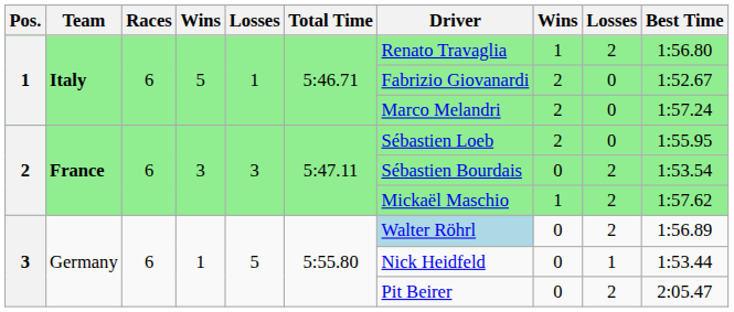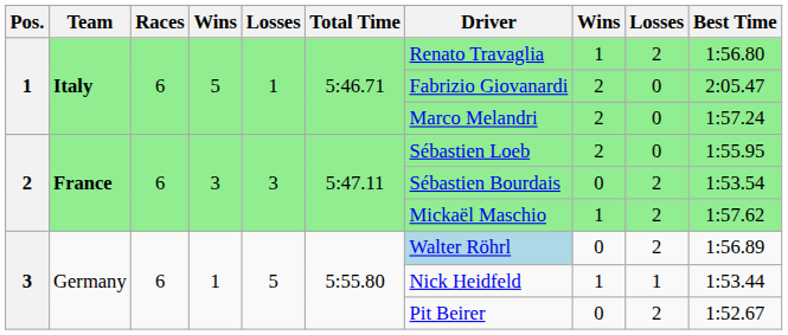 <table class="wikitable" style="font-size: 95%;">
 <tr>
 <th>Pos.</th>
 <th>Team</th>
 <th>Races</th>
 <th>Wins</th>
 <th>Losses</th>
 <th>Total Time</th>
 <th>Driver</th>
 <th>Wins</th>
 <th>Losses</th>
 <th>Best Time</th>
 </tr>
 <tr style="background:lightgreen;">
 <th rowspan=3>1</th>
 <td rowspan=3> <strong>Italy</strong></td>
 <td rowspan=3 align=center>6</td>
 <td rowspan=3 align=center>5</td>
 <td rowspan=3 align=center>1</td>
 <td rowspan=3 align=center>5:46.71</td>
 <td> <a href='#'>Renato Travaglia</a></td>
 <td align=center>1</td>
 <td align=center>2</td>
 <td align=center>1:56.80</td>
 </tr>
 <tr style="background:lightgreen;">
 <td> <a href='#'>Fabrizio Giovanardi</a></td>
 <td align=center>2</td>
 <td align=center>0</td>
-<td align=center>1:52.67</td>
+<td align=center>2:05.47</td>
 </tr>
 <tr style="background:lightgreen;">
 <td> <a href='#'>Marco Melandri</a></td>
 <td align=center>2</td>
 <td align=center>0</td>
 <td align=center>1:57.24</td>
 </tr>
 <tr style="background:lightgreen;">
 <th rowspan=3>2</th>
 <td rowspan=3>  <strong>France</strong></td>
 <td rowspan=3 align=center>6</td>
 <td rowspan=3 align=center>3</td>
 <td rowspan=3 align=center>3</td>
 <td rowspan=3 align=center>5:47.11</td>
 <td> <a href='#'>Sébastien Loeb</a></td>
 <td align=center>2</td>
 <td align=center>0</td>
 <td align=center>1:55.95</td>
 </tr>
 <tr style="background:lightgreen;">
 <td> <a href='#'>Sébastien Bourdais</a></td>
 <td align=center>0</td>
 <td align=center>2</td>
 <td align=center>1:53.54</td>
 </tr>
 <tr style="background:lightgreen;">
 <td> <a href='#'>Mickaël Maschio</a></td>
 <td align=center>1</td>
 <td align=center>2</td>
 <td align=center>1:57.62</td>
 </tr>
 <tr>
 <th rowspan=3>3</th>
 <td rowspan=3> Germany</td>
 <td rowspan=3 align=center>6</td>
 <td rowspan=3 align=center>1</td>
 <td rowspan=3 align=center>5</td>
 <td rowspan=3 align=center>5:55.80</td>
 <td style="background: lightblue;"> <a href='#'>Walter Röhrl</a></td>
 <td align=center>0</td>
 <td align=center>2</td>
 <td align=center>1:56.89</td>
 </tr>
 <tr>
 <td> <a href='#'>Nick Heidfeld</a></td>
-<td align=center>0</td>
+<td align=center>1</td>
 <td align=center>1</td>
 <td align=center>1:53.44</td>
 </tr>
 <tr>
 <td> <a href='#'>Pit Beirer</a></td>
 <td align=center>0</td>
 <td align=center>2</td>
-<td align=center>2:05.47</td>
+<td align=center>1:52.67</td>
 </tr>
 </table>
